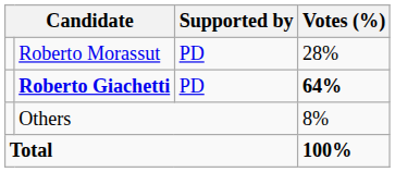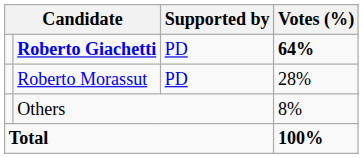 <table class="wikitable" style="font-size:95%">
 <tr style="background:#efefef;">
 <th colspan=2>Candidate</th>
 <th>Supported by</th>
 <th>Votes (%)</th>
 </tr>
 <tr>
 <td></td>
+<td><strong><a href='#'>Roberto Giachetti</a></strong></td>
+<td><a href='#'>PD</a></td>
+<td><strong>64%</strong></td>
+</tr>
+<tr>
+<td></td>
 <td><a href='#'>Roberto Morassut</a></td>
 <td><a href='#'>PD</a></td>
 <td>28%</td>
-</tr>
-<tr>
-<td></td>
-<td><strong><a href='#'>Roberto Giachetti</a></strong></td>
-<td><a href='#'>PD</a></td>
-<td><strong>64%</strong></td>
 </tr>
 <tr>
 <td></td>
 <td colspan=2>Others</td>
 <td>8%</td>
 </tr>
 <tr>
 <td align="left" colspan=3><strong>Total</strong></td>
 <td align="left"><strong>100%</strong></td>
 </tr>
 </table>
